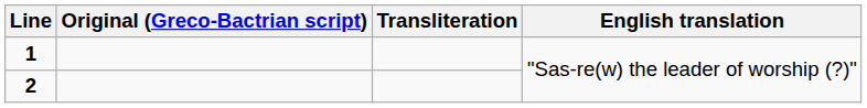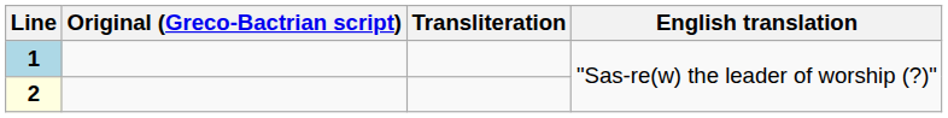 <table class ="wikitable" style="text-align:center">
 <tr>
 <th>Line</th>
 <th>Original (<a href='#'>Greco-Bactrian script</a>)</th>
 <th>Transliteration</th>
 <th>English translation</th>
 </tr>
 <tr>
-<td><strong>1</strong></td>
+<td style="background: lightblue;"><strong>1</strong></td>
 <td></td>
 <td></td>
 <td rowspan="8">"Sas-re(w) the leader of worship (?)"</td>
 </tr>
 <tr>
-<td><strong>2</strong></td>
+<td style="background: lightyellow;"><strong>2</strong></td>
 <td></td>
 <td></td>
 </tr>
 </table>
